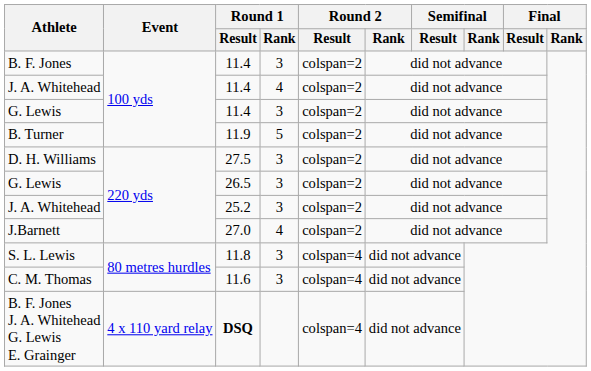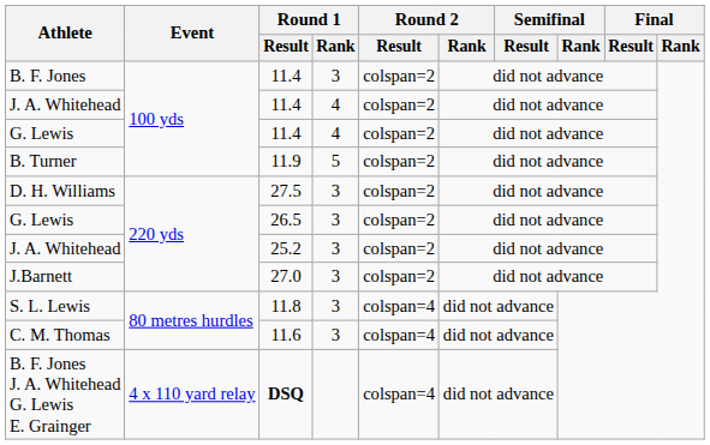 <table class="wikitable" style="font-size:90%;">
 <tr>
 <th rowspan="2">Athlete</th>
 <th rowspan="2">Event</th>
 <th colspan="2">Round 1</th>
 <th colspan="2">Round 2</th>
 <th colspan="2">Semifinal</th>
 <th colspan="2">Final</th>
 </tr>
 <tr style="font-size:95%">
 <th>Result</th>
 <th>Rank</th>
 <th>Result</th>
 <th>Rank</th>
 <th>Result</th>
 <th>Rank</th>
 <th>Result</th>
 <th>Rank</th>
 </tr>
 <tr align=center>
 <td align=left>B. F. Jones</td>
 <td style="text-align:left;" rowspan="4"><a href='#'>100 yds</a></td>
 <td>11.4</td>
 <td>3</td>
 <td>colspan=2 </td>
 <td colspan=4>did not advance</td>
 </tr>
 <tr align=center>
 <td align=left>J. A. Whitehead</td>
 <td>11.4</td>
 <td>4</td>
 <td>colspan=2 </td>
 <td colspan=4>did not advance</td>
 </tr>
 <tr align=center>
 <td align=left>G. Lewis</td>
 <td>11.4</td>
-<td>3</td>
+<td>4</td>
 <td>colspan=2 </td>
 <td colspan=4>did not advance</td>
 </tr>
 <tr align=center>
 <td align=left>B. Turner</td>
 <td>11.9</td>
 <td>5</td>
 <td>colspan=2 </td>
 <td colspan=4>did not advance</td>
 </tr>
 <tr align=center>
 <td align=left>D. H. Williams</td>
 <td style="text-align:left;" rowspan="4"><a href='#'>220 yds</a></td>
 <td>27.5</td>
 <td>3</td>
 <td>colspan=2 </td>
 <td colspan=4>did not advance</td>
 </tr>
 <tr align=center>
 <td align=left>G. Lewis</td>
 <td>26.5</td>
 <td>3</td>
 <td>colspan=2 </td>
 <td colspan=4>did not advance</td>
 </tr>
 <tr align=center>
 <td align=left>J. A. Whitehead</td>
 <td>25.2</td>
 <td>3</td>
 <td>colspan=2 </td>
 <td colspan=4>did not advance</td>
 </tr>
 <tr align=center>
 <td align=left>J.Barnett</td>
 <td>27.0</td>
-<td>4</td>
+<td>3</td>
 <td>colspan=2 </td>
 <td colspan=4>did not advance</td>
 </tr>
 <tr align=center>
 <td align=left>S. L. Lewis</td>
 <td style="text-align:left;" rowspan="2"><a href='#'>80 metres hurdles</a></td>
 <td>11.8</td>
 <td>3</td>
 <td>colspan=4 </td>
 <td colspan=2>did not advance</td>
 </tr>
 <tr align=center>
 <td align=left>C. M. Thomas</td>
 <td>11.6</td>
 <td>3</td>
 <td>colspan=4 </td>
 <td colspan=2>did not advance</td>
 </tr>
 <tr align=center>
 <td align=left>B. F. Jones<br>J. A. Whitehead<br>G. Lewis<br>E. Grainger</td>
 <td style="text-align:left;" rowspan="4"><a href='#'>4 x 110 yard relay</a></td>
 <td><strong>DSQ</strong></td>
 <td></td>
 <td>colspan=4 </td>
 <td colspan=2>did not advance</td>
 </tr>
 </table>
